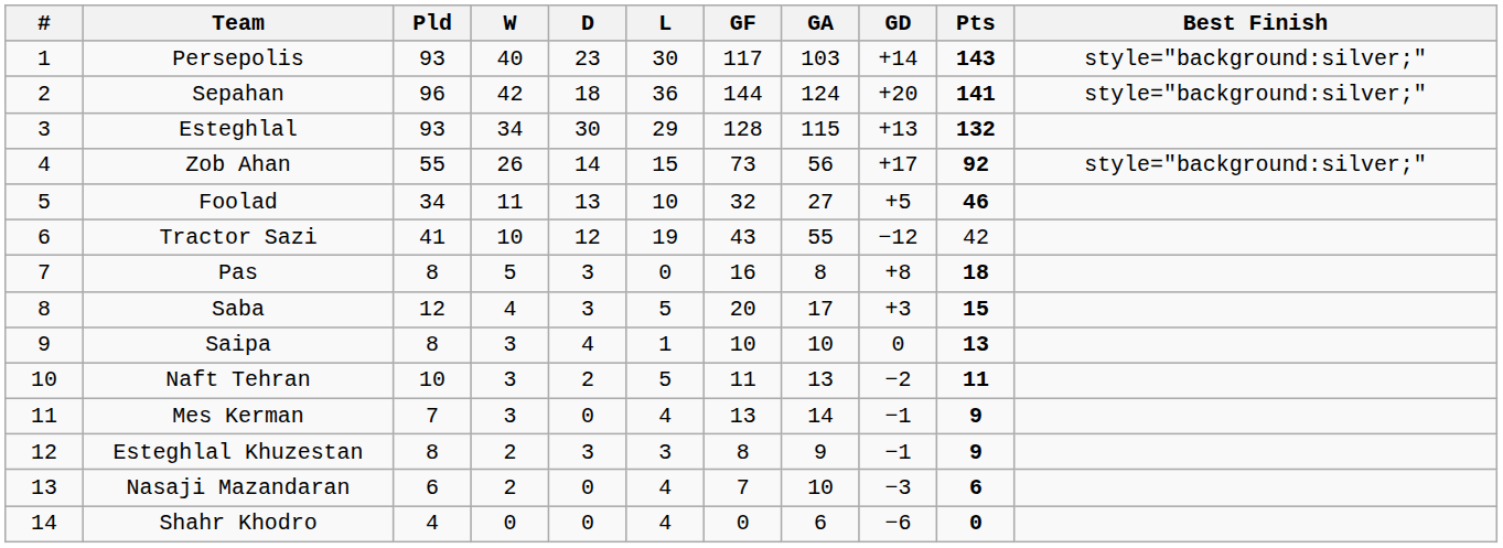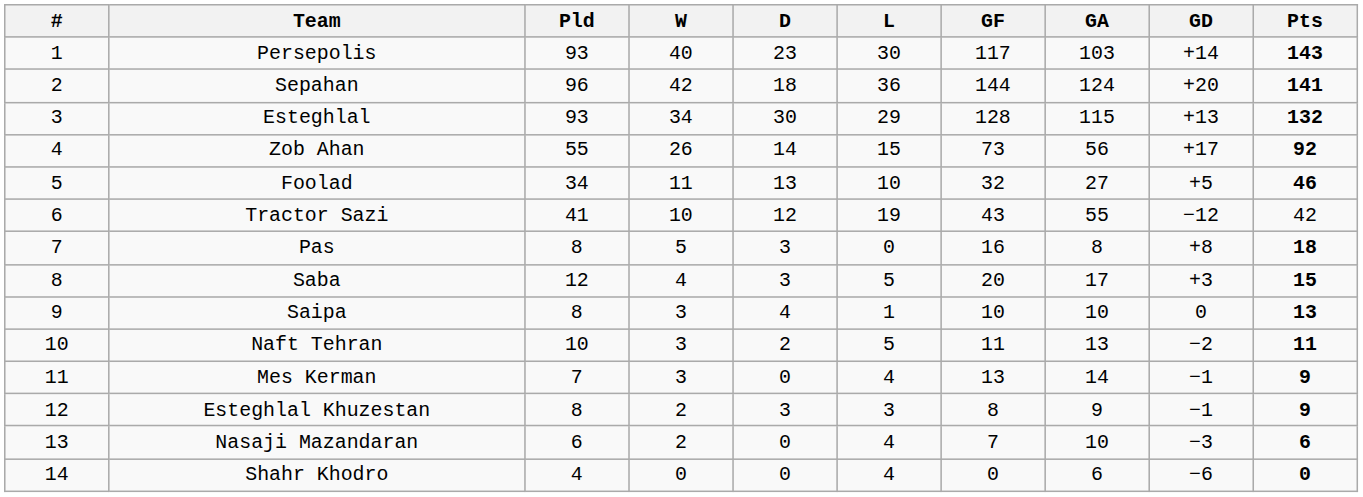 <table class="wikitable sortable" width="70%" style="text-align:center">
 <tr>
 <th width="5%">#</th>
 <th width="20%">Team</th>
 <th width="5%">Pld</th>
 <th width="5%">W</th>
 <th width="5%">D</th>
 <th width="5%">L</th>
 <th width="5%">GF</th>
 <th width="5%">GA</th>
 <th width="5%">GD</th>
 <th width="5%">Pts</th>
-<th width="31%">Best Finish</th>
 </tr>
 <tr>
 <td>1</td>
 <td>Persepolis</td>
 <td>93</td>
 <td>40</td>
 <td>23</td>
 <td>30</td>
 <td>117</td>
 <td>103</td>
 <td>+14</td>
 <td><strong>143</strong></td>
-<td>style="background:silver;" </td>
 </tr>
 <tr>
 <td>2</td>
 <td>Sepahan</td>
 <td>96</td>
 <td>42</td>
 <td>18</td>
 <td>36</td>
 <td>144</td>
 <td>124</td>
 <td>+20</td>
 <td><strong>141</strong></td>
-<td>style="background:silver;" </td>
 </tr>
 <tr>
 <td>3</td>
 <td>Esteghlal</td>
 <td>93</td>
 <td>34</td>
 <td>30</td>
 <td>29</td>
 <td>128</td>
 <td>115</td>
 <td>+13</td>
 <td><strong>132</strong></td>
-<td></td>
 </tr>
 <tr>
 <td>4</td>
 <td>Zob Ahan</td>
 <td>55</td>
 <td>26</td>
 <td>14</td>
 <td>15</td>
 <td>73</td>
 <td>56</td>
 <td>+17</td>
 <td><strong>92</strong></td>
-<td>style="background:silver;" </td>
 </tr>
 <tr>
 <td>5</td>
 <td>Foolad</td>
 <td>34</td>
 <td>11</td>
 <td>13</td>
 <td>10</td>
 <td>32</td>
 <td>27</td>
 <td>+5</td>
 <td><strong>46</strong></td>
-<td></td>
 </tr>
 <tr>
 <td>6</td>
 <td>Tractor Sazi</td>
 <td>41</td>
 <td>10</td>
 <td>12</td>
 <td>19</td>
 <td>43</td>
 <td>55</td>
 <td>−12</td>
 <td>42</td>
-<td></td>
 </tr>
 <tr>
 <td>7</td>
 <td>Pas</td>
 <td>8</td>
 <td>5</td>
 <td>3</td>
 <td>0</td>
 <td>16</td>
 <td>8</td>
 <td>+8</td>
 <td><strong>18</strong></td>
-<td></td>
 </tr>
 <tr>
 <td>8</td>
 <td>Saba</td>
 <td>12</td>
 <td>4</td>
 <td>3</td>
 <td>5</td>
 <td>20</td>
 <td>17</td>
 <td>+3</td>
 <td><strong>15</strong></td>
-<td></td>
 </tr>
 <tr>
 <td>9</td>
 <td>Saipa</td>
 <td>8</td>
 <td>3</td>
 <td>4</td>
 <td>1</td>
 <td>10</td>
 <td>10</td>
 <td>0</td>
 <td><strong>13</strong></td>
-<td></td>
 </tr>
 <tr>
 <td>10</td>
 <td>Naft Tehran</td>
 <td>10</td>
 <td>3</td>
 <td>2</td>
 <td>5</td>
 <td>11</td>
 <td>13</td>
 <td>−2</td>
 <td><strong>11</strong></td>
-<td></td>
 </tr>
 <tr>
 <td>11</td>
 <td>Mes Kerman</td>
 <td>7</td>
 <td>3</td>
 <td>0</td>
 <td>4</td>
 <td>13</td>
 <td>14</td>
 <td>−1</td>
 <td><strong>9</strong></td>
-<td></td>
 </tr>
 <tr>
 <td>12</td>
 <td>Esteghlal Khuzestan</td>
 <td>8</td>
 <td>2</td>
 <td>3</td>
 <td>3</td>
 <td>8</td>
 <td>9</td>
 <td>−1</td>
 <td><strong>9</strong></td>
-<td></td>
 </tr>
 <tr>
 <td>13</td>
 <td>Nasaji Mazandaran</td>
 <td>6</td>
 <td>2</td>
 <td>0</td>
 <td>4</td>
 <td>7</td>
 <td>10</td>
 <td>−3</td>
 <td><strong>6</strong></td>
-<td></td>
 </tr>
 <tr>
 <td>14</td>
 <td>Shahr Khodro</td>
 <td>4</td>
 <td>0</td>
 <td>0</td>
 <td>4</td>
 <td>0</td>
 <td>6</td>
 <td>−6</td>
 <td><strong>0</strong></td>
-<td></td>
 </tr>
 </table>
